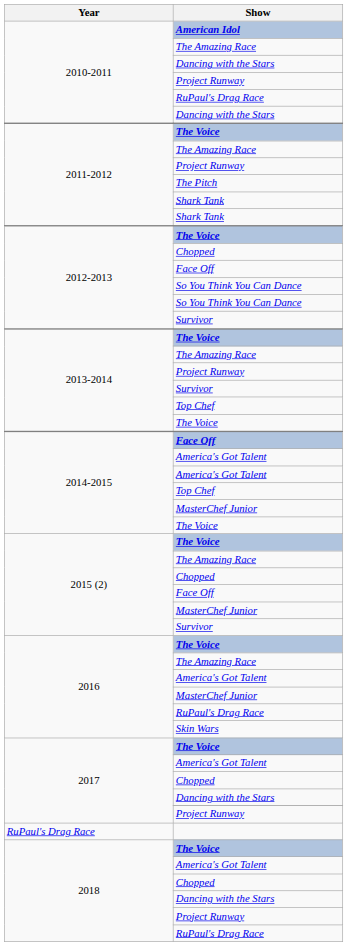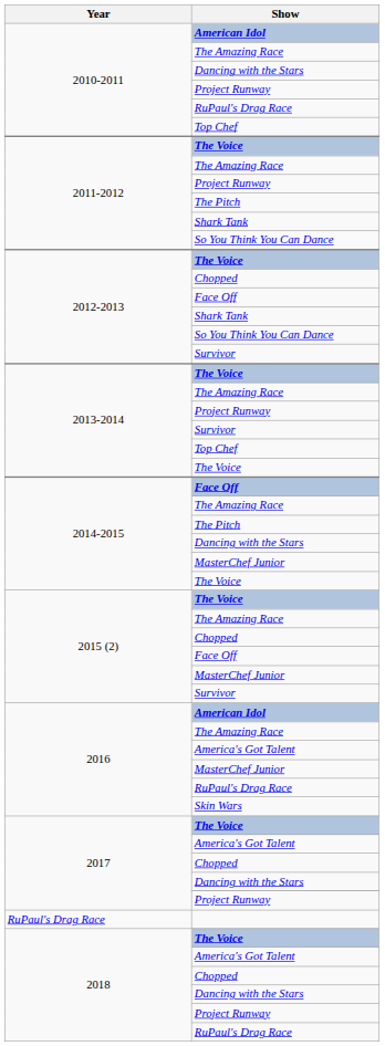 <table class="wikitable" width="40%" cellpadding="5">
 <tr>
 <th width="100"><strong>Year</strong></th>
 <th width="100"><strong>Show</strong></th>
 </tr>
 <tr>
 <td rowspan="6" style="text-align:center;">2010-2011</td>
 <td style="background:#B0C4DE;"><strong><em><a href='#'>American Idol</a></em></strong></td>
 </tr>
 <tr>
 <td><em><a href='#'>The Amazing Race</a></em></td>
 </tr>
 <tr>
 <td><em><a href='#'>Dancing with the Stars</a></em></td>
 </tr>
 <tr>
 <td><em><a href='#'>Project Runway</a></em></td>
 </tr>
 <tr>
 <td><em><a href='#'>RuPaul's Drag Race</a></em></td>
 </tr>
 <tr>
-<td><em><a href='#'>Dancing with the Stars</a></em></td>
+<td><em><a href='#'>Top Chef</a></em></td>
 </tr>
 <tr>
 </tr>
 <tr style = "border-top:2px solid gray;">
 <td rowspan="6" style="text-align:center;">2011-2012</td>
 <td style="background:#B0C4DE;"><strong><em><a href='#'>The Voice</a></em></strong></td>
 </tr>
 <tr>
 <td><em><a href='#'>The Amazing Race</a></em></td>
 </tr>
 <tr>
 <td><em><a href='#'>Project Runway</a></em></td>
 </tr>
 <tr>
 <td><em><a href='#'>The Pitch</a></em></td>
 </tr>
 <tr>
 <td><em><a href='#'>Shark Tank</a></em></td>
 </tr>
 <tr>
-<td><em><a href='#'>Shark Tank</a></em></td>
+<td><em><a href='#'>So You Think You Can Dance</a></em></td>
 </tr>
 <tr style = "border-top:2px solid gray;">
 <td rowspan="6" style="text-align:center;">2012-2013</td>
 <td style="background:#B0C4DE;"><strong><em><a href='#'>The Voice</a></em></strong></td>
 </tr>
 <tr>
 <td><em><a href='#'>Chopped</a></em></td>
 </tr>
 <tr>
 <td><em><a href='#'>Face Off</a></em></td>
 </tr>
 <tr>
-<td><em><a href='#'>So You Think You Can Dance</a></em></td>
+<td><em><a href='#'>Shark Tank</a></em></td>
 </tr>
 <tr>
 <td><em><a href='#'>So You Think You Can Dance</a></em></td>
 </tr>
 <tr>
 <td><em><a href='#'>Survivor</a></em></td>
 </tr>
 <tr style = "border-top:2px solid gray;">
 <td rowspan="6" style="text-align:center;">2013-2014</td>
 <td style="background:#B0C4DE;"><strong><em><a href='#'>The Voice</a></em></strong></td>
 </tr>
 <tr>
 <td><em><a href='#'>The Amazing Race</a></em></td>
 </tr>
 <tr>
 <td><em><a href='#'>Project Runway</a></em></td>
 </tr>
 <tr>
 <td><em><a href='#'>Survivor</a></em></td>
 </tr>
 <tr>
 <td><em><a href='#'>Top Chef</a></em></td>
 </tr>
 <tr>
 <td><em><a href='#'>The Voice</a></em></td>
 </tr>
 <tr style = "border-top:2px solid gray;">
 <td rowspan="6" style="text-align:center;">2014-2015</td>
 <td style="background:#B0C4DE;"><strong><em><a href='#'>Face Off</a></em></strong></td>
 </tr>
 <tr>
-<td><em><a href='#'>America's Got Talent</a></em></td>
+<td><em><a href='#'>The Amazing Race</a></em></td>
 </tr>
 <tr>
-<td><em><a href='#'>America's Got Talent</a></em></td>
+<td><em><a href='#'>The Pitch</a></em></td>
 </tr>
 <tr>
-<td><em><a href='#'>Top Chef</a></em></td>
+<td><em><a href='#'>Dancing with the Stars</a></em></td>
 </tr>
 <tr>
 <td><em><a href='#'>MasterChef Junior</a></em></td>
 </tr>
 <tr>
 <td><em><a href='#'>The Voice</a></em></td>
 </tr>
 <tr>
 <td rowspan="6" style="text-align:center;">2015 (2)</td>
 <td style="background:#B0C4DE;"><strong><em><a href='#'>The Voice</a></em></strong></td>
 </tr>
 <tr>
 <td><em><a href='#'>The Amazing Race</a></em></td>
 </tr>
 <tr>
 <td><em><a href='#'>Chopped</a></em></td>
 </tr>
 <tr>
 <td><em><a href='#'>Face Off</a></em></td>
 </tr>
 <tr>
 <td><em><a href='#'>MasterChef Junior</a></em></td>
 </tr>
 <tr>
 <td><em><a href='#'>Survivor</a></em></td>
 </tr>
 <tr>
 <td rowspan="6" style="text-align:center;">2016</td>
-<td style="background:#B0C4DE;"><strong><em><a href='#'>The Voice</a></em></strong></td>
+<td style="background:#B0C4DE;"><strong><em><a href='#'>American Idol</a></em></strong></td>
 </tr>
 <tr>
 <td><em><a href='#'>The Amazing Race</a></em></td>
 </tr>
 <tr>
 <td><em><a href='#'>America's Got Talent</a></em></td>
 </tr>
 <tr>
 <td><em><a href='#'>MasterChef Junior</a></em></td>
 </tr>
 <tr>
 <td><em><a href='#'>RuPaul's Drag Race</a></em></td>
 </tr>
 <tr>
 <td><em><a href='#'>Skin Wars</a></em></td>
 </tr>
 <tr>
 <td rowspan="6" style="text-align:center;">2017</td>
 <td style="background:#B0C4DE;"><strong><em><a href='#'>The Voice</a></em></strong></td>
 </tr>
 <tr>
 <td><em><a href='#'>America's Got Talent</a></em></td>
 </tr>
 <tr>
 <td><em><a href='#'>Chopped</a></em></td>
 </tr>
 <tr>
 <td><em><a href='#'>Dancing with the Stars</a></em></td>
 </tr>
 <tr>
 </tr>
 <tr>
 <td><em><a href='#'>Project Runway</a></em></td>
 </tr>
 <tr>
 <td><em><a href='#'>RuPaul's Drag Race</a></em></td>
 </tr>
 <tr>
 <td rowspan="6" style="text-align:center;">2018</td>
 <td style="background:#B0C4DE;"><strong><em><a href='#'>The Voice</a></em></strong></td>
 </tr>
 <tr>
 <td><em><a href='#'>America's Got Talent</a></em></td>
 </tr>
 <tr>
 <td><em><a href='#'>Chopped</a></em></td>
 </tr>
 <tr>
 <td><em><a href='#'>Dancing with the Stars</a></em></td>
 </tr>
 <tr>
 <td><em><a href='#'>Project Runway</a></em></td>
 </tr>
 <tr>
 <td><em><a href='#'>RuPaul's Drag Race</a></em></td>
 </tr>
 </table>
